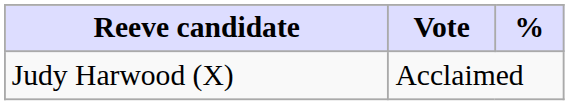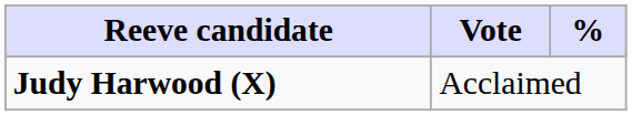 <table class="wikitable">
 <tr>
 <th style="background:#ddf; width:200px;">Reeve candidate</th>
 <th style="background:#ddf; width:50px;">Vote</th>
 <th style="background:#ddf; width:30px;">%</th>
 </tr>
 <tr>
-<td>Judy Harwood (X)</td>
+<td><strong>Judy Harwood (X)</strong></td>
 <td colspan="2">Acclaimed</td>
 </tr>
 </table>
